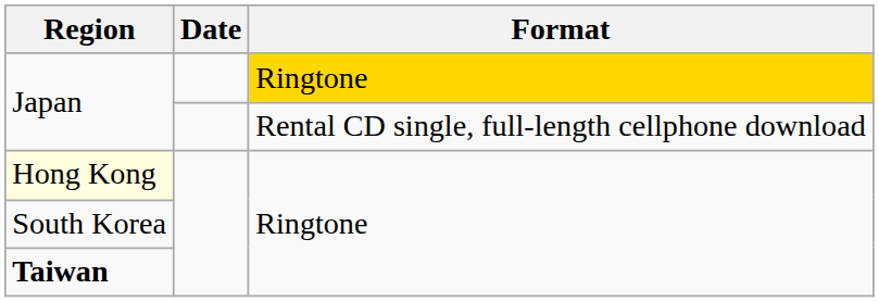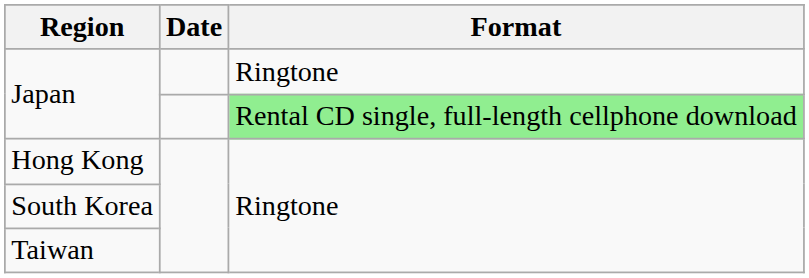 <table class="wikitable">
 <tr>
 <th>Region</th>
 <th>Date</th>
 <th>Format</th>
 </tr>
 <tr>
 <td rowspan="2">Japan</td>
 <td></td>
-<td style="background: gold;">Ringtone</td>
+<td>Ringtone</td>
 </tr>
 <tr>
 <td></td>
-<td>Rental CD single, full-length cellphone download</td>
+<td style="background: lightgreen;">Rental CD single, full-length cellphone download</td>
 </tr>
 <tr>
-<td style="background: lightyellow;">Hong Kong</td>
+<td>Hong Kong</td>
 <td rowspan="3"></td>
 <td rowspan="3">Ringtone</td>
 </tr>
 <tr>
 <td>South Korea</td>
 </tr>
 <tr>
-<td><strong>Taiwan</strong></td>
+<td>Taiwan</td>
 </tr>
 </table>
